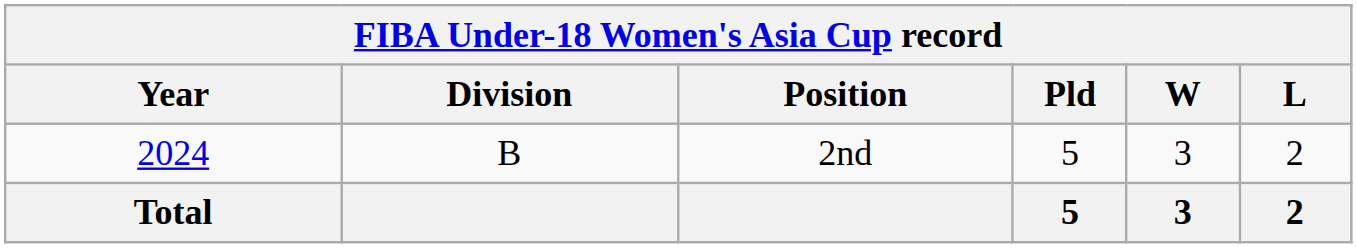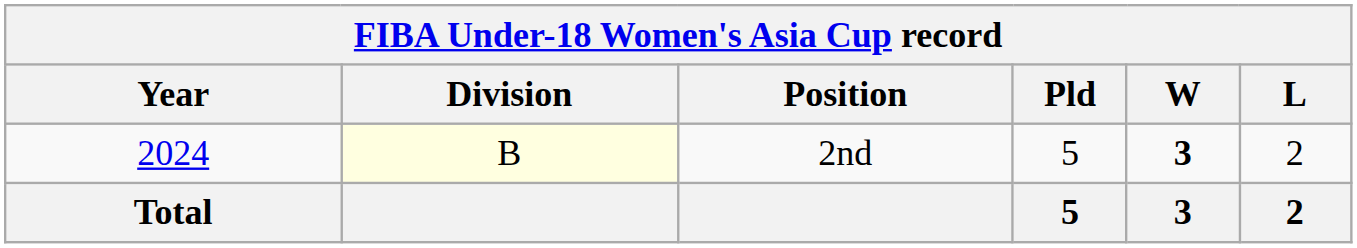 <table class="wikitable" style="text-align: center; font-size:95%;" width=45%>
 <tr>
 <th colspan=9><a href='#'>FIBA Under-18 Women's Asia Cup</a> record</th>
 </tr>
 <tr>
 <th width=15%>Year</th>
 <th width=15%>Division</th>
 <th width=15%>Position</th>
 <th width=5%>Pld</th>
 <th width=5%>W</th>
 <th width=5%>L</th>
 </tr>
 <tr>
 <td> <a href='#'>2024</a></td>
-<td>B</td>
+<td style="background: lightyellow;">B</td>
 <td>2nd</td>
 <td>5</td>
-<td>3</td>
+<td><strong>3</strong></td>
 <td>2</td>
 </tr>
 <tr>
 <th>Total</th>
 <th></th>
 <th></th>
 <th>5</th>
 <th>3</th>
 <th>2</th>
 </tr>
 </table>
